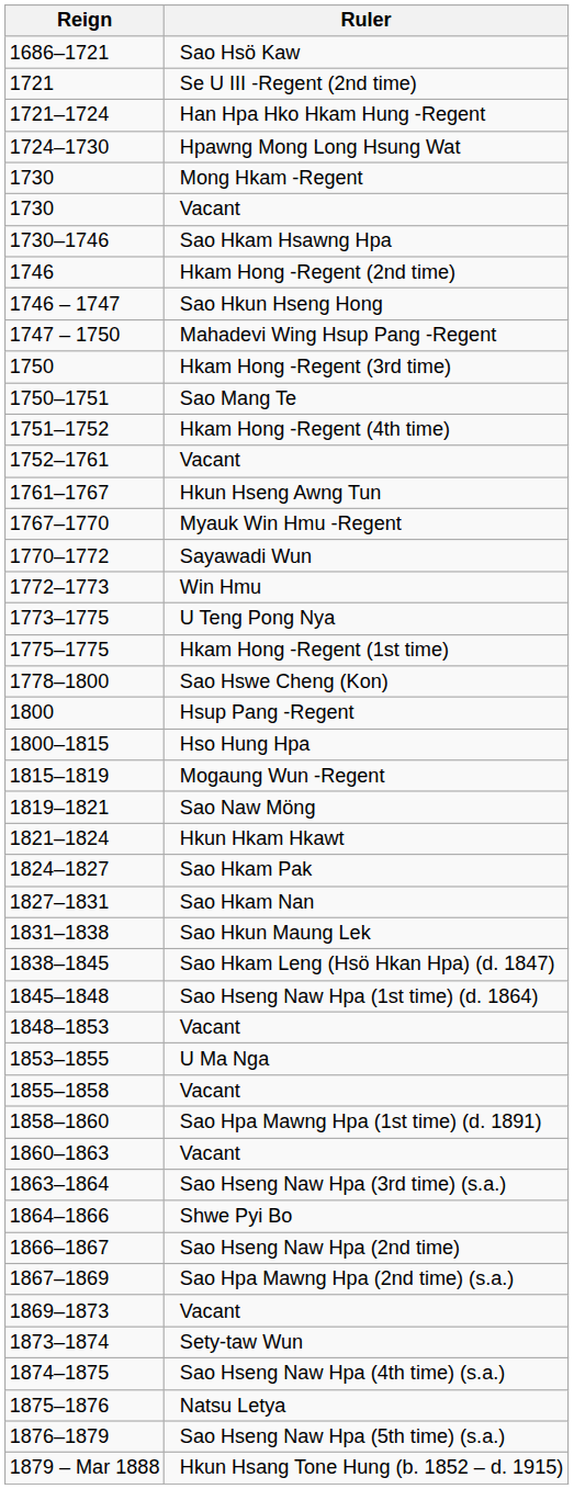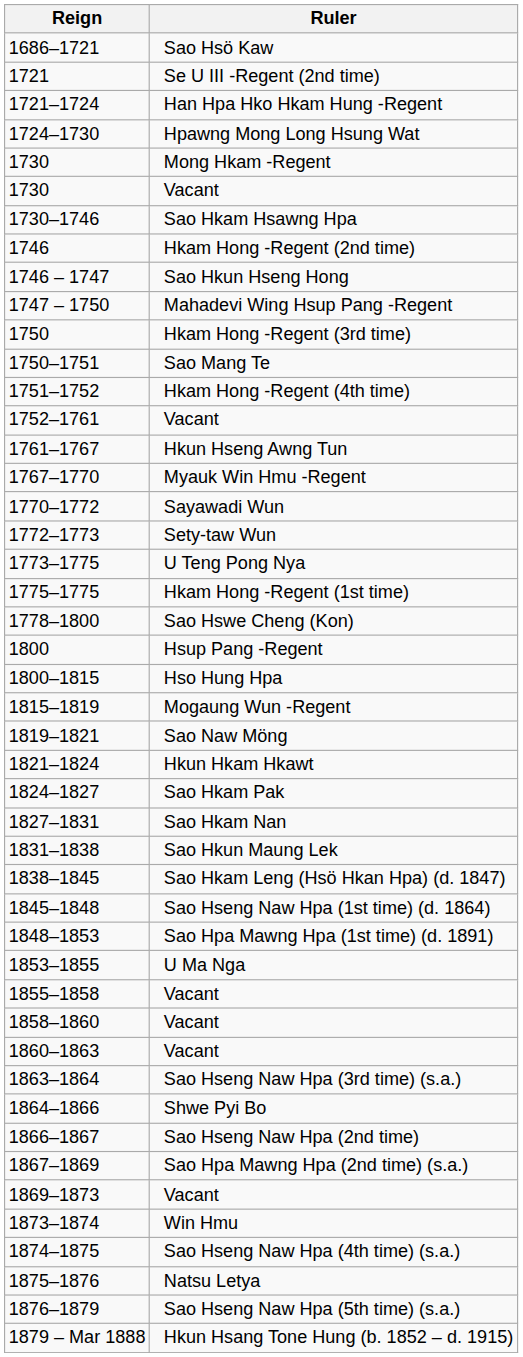 <table class="wikitable">
 <tr>
 <th>Reign</th>
 <th>Ruler</th>
 </tr>
 <tr>
 <td>1686–1721</td>
 <td>  Sao Hsö Kaw</td>
 </tr>
 <tr>
 <td>1721</td>
 <td>  Se U III -Regent (2nd time)</td>
 </tr>
 <tr>
 <td>1721–1724</td>
 <td>  Han Hpa Hko Hkam Hung -Regent</td>
 </tr>
 <tr>
 <td>1724–1730</td>
 <td>  Hpawng Mong Long Hsung Wat</td>
 </tr>
 <tr>
 <td>1730</td>
 <td>  Mong Hkam -Regent</td>
 </tr>
 <tr>
 <td>1730</td>
 <td>  Vacant</td>
 </tr>
 <tr>
 <td>1730–1746</td>
 <td>  Sao Hkam Hsawng Hpa</td>
 </tr>
 <tr>
 <td>1746</td>
 <td>  Hkam Hong -Regent (2nd time)</td>
 </tr>
 <tr>
 <td>1746 – 1747</td>
 <td>  Sao Hkun Hseng Hong</td>
 </tr>
 <tr>
 <td>1747 – 1750</td>
 <td>   Mahadevi Wing Hsup Pang -Regent</td>
 </tr>
 <tr>
 <td>1750</td>
 <td>  Hkam Hong -Regent (3rd time)</td>
 </tr>
 <tr>
 <td>1750–1751</td>
 <td>  Sao Mang Te</td>
 </tr>
 <tr>
 <td>1751–1752</td>
 <td>  Hkam Hong -Regent (4th time)</td>
 </tr>
 <tr>
 <td>1752–1761</td>
 <td>  Vacant</td>
 </tr>
 <tr>
 <td>1761–1767</td>
 <td>  Hkun Hseng Awng Tun</td>
 </tr>
 <tr>
 <td>1767–1770</td>
 <td>  Myauk Win Hmu -Regent</td>
 </tr>
 <tr>
 <td>1770–1772</td>
 <td>  Sayawadi Wun</td>
 </tr>
 <tr>
 <td>1772–1773</td>
-<td>  Win Hmu</td>
+<td>  Sety-taw Wun</td>
 </tr>
 <tr>
 <td>1773–1775</td>
 <td>  U Teng Pong Nya</td>
 </tr>
 <tr>
 <td>1775–1775</td>
 <td>  Hkam Hong -Regent (1st time)</td>
 </tr>
 <tr>
 <td>1778–1800</td>
 <td>  Sao Hswe Cheng (Kon)</td>
 </tr>
 <tr>
 <td>1800</td>
 <td>  Hsup Pang -Regent</td>
 </tr>
 <tr>
 <td>1800–1815</td>
 <td>  Hso Hung Hpa</td>
 </tr>
 <tr>
 <td>1815–1819</td>
 <td>  Mogaung Wun -Regent</td>
 </tr>
 <tr>
 <td>1819–1821</td>
 <td>  Sao Naw Möng</td>
 </tr>
 <tr>
 <td>1821–1824</td>
 <td>  Hkun Hkam Hkawt</td>
 </tr>
 <tr>
 <td>1824–1827</td>
 <td>  Sao Hkam Pak</td>
 </tr>
 <tr>
 <td>1827–1831</td>
 <td>  Sao Hkam Nan</td>
 </tr>
 <tr>
 <td>1831–1838</td>
 <td>  Sao Hkun Maung Lek</td>
 </tr>
 <tr>
 <td>1838–1845</td>
 <td>  Sao Hkam Leng (Hsö Hkan Hpa)      (d. 1847)</td>
 </tr>
 <tr>
 <td>1845–1848</td>
 <td>  Sao Hseng Naw Hpa (1st time)      (d. 1864)</td>
 </tr>
 <tr>
 <td>1848–1853</td>
-<td>  Vacant</td>
+<td>  Sao Hpa Mawng Hpa (1st time) (d. 1891)</td>
 </tr>
 <tr>
 <td>1853–1855</td>
 <td>  U Ma Nga</td>
 </tr>
 <tr>
 <td>1855–1858</td>
 <td>  Vacant</td>
 </tr>
 <tr>
 <td>1858–1860</td>
-<td>  Sao Hpa Mawng Hpa (1st time) (d. 1891)</td>
+<td>  Vacant</td>
 </tr>
 <tr>
 <td>1860–1863</td>
 <td>  Vacant</td>
 </tr>
 <tr>
 <td>1863–1864</td>
 <td>  Sao Hseng Naw Hpa (3rd time) (s.a.)</td>
 </tr>
 <tr>
 <td>1864–1866</td>
 <td>  Shwe Pyi Bo</td>
 </tr>
 <tr>
 <td>1866–1867</td>
 <td>  Sao Hseng Naw Hpa (2nd time)</td>
 </tr>
 <tr>
 <td>1867–1869</td>
 <td>  Sao Hpa Mawng Hpa (2nd time) (s.a.)</td>
 </tr>
 <tr>
 <td>1869–1873</td>
 <td>  Vacant</td>
 </tr>
 <tr>
 <td>1873–1874</td>
-<td>  Sety-taw Wun</td>
+<td>  Win Hmu</td>
 </tr>
 <tr>
 <td>1874–1875</td>
 <td>  Sao Hseng Naw Hpa (4th time) (s.a.)</td>
 </tr>
 <tr>
 <td>1875–1876</td>
 <td>  Natsu Letya</td>
 </tr>
 <tr>
 <td>1876–1879</td>
 <td>  Sao Hseng Naw Hpa (5th time) (s.a.)</td>
 </tr>
 <tr>
 <td>1879 – Mar 1888</td>
 <td>  Hkun Hsang Tone Hung   (b. 1852 – d. 1915)</td>
 </tr>
 </table>
